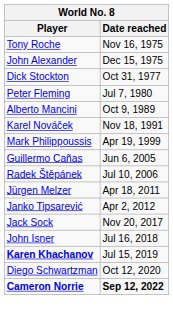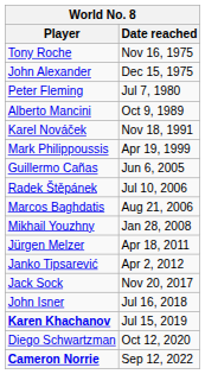 <table class="wikitable nowrap" style="display:inline-table; font-size:95%">
 <tr>
 <th colspan="2">World No. 8</th>
 </tr>
 <tr>
 <th>Player</th>
 <th>Date reached</th>
 </tr>
 <tr>
 <td> <a href='#'>Tony Roche</a></td>
 <td>Nov 16, 1975</td>
 </tr>
 <tr>
 <td> <a href='#'>John Alexander</a></td>
 <td>Dec 15, 1975</td>
-</tr>
-<tr>
-<td> <a href='#'>Dick Stockton</a></td>
-<td>Oct 31, 1977</td>
 </tr>
 <tr>
 <td> <a href='#'>Peter Fleming</a></td>
 <td>Jul 7, 1980</td>
 </tr>
 <tr>
 <td> <a href='#'>Alberto Mancini</a></td>
 <td>Oct 9, 1989</td>
 </tr>
 <tr>
 <td> <a href='#'>Karel Nováček</a></td>
 <td>Nov 18, 1991</td>
 </tr>
 <tr>
 <td> <a href='#'>Mark Philippoussis</a></td>
 <td>Apr 19, 1999</td>
 </tr>
 <tr>
 <td> <a href='#'>Guillermo Cañas</a></td>
 <td>Jun 6, 2005</td>
 </tr>
 <tr>
 <td> <a href='#'>Radek Štěpánek</a></td>
 <td>Jul 10, 2006</td>
+</tr>
+<tr>
+<td> <a href='#'>Marcos Baghdatis</a></td>
+<td>Aug 21, 2006</td>
+</tr>
+<tr>
+<td> <a href='#'>Mikhail Youzhny</a></td>
+<td>Jan 28, 2008</td>
 </tr>
 <tr>
 <td> <a href='#'>Jürgen Melzer</a></td>
 <td>Apr 18, 2011</td>
 </tr>
 <tr>
 <td> <a href='#'>Janko Tipsarević</a></td>
 <td>Apr 2, 2012</td>
 </tr>
 <tr>
 <td> <a href='#'>Jack Sock</a></td>
 <td>Nov 20, 2017</td>
 </tr>
 <tr>
 <td> <a href='#'>John Isner</a></td>
 <td>Jul 16, 2018</td>
 </tr>
 <tr>
 <td> <strong><a href='#'>Karen Khachanov</a></strong></td>
 <td>Jul 15, 2019</td>
 </tr>
 <tr>
 <td> <a href='#'>Diego Schwartzman</a></td>
 <td>Oct 12, 2020</td>
 </tr>
 <tr>
 <td> <strong><a href='#'>Cameron Norrie</a></strong></td>
-<td><strong>Sep 12, 2022</strong></td>
+<td>Sep 12, 2022</td>
 </tr>
 </table>
